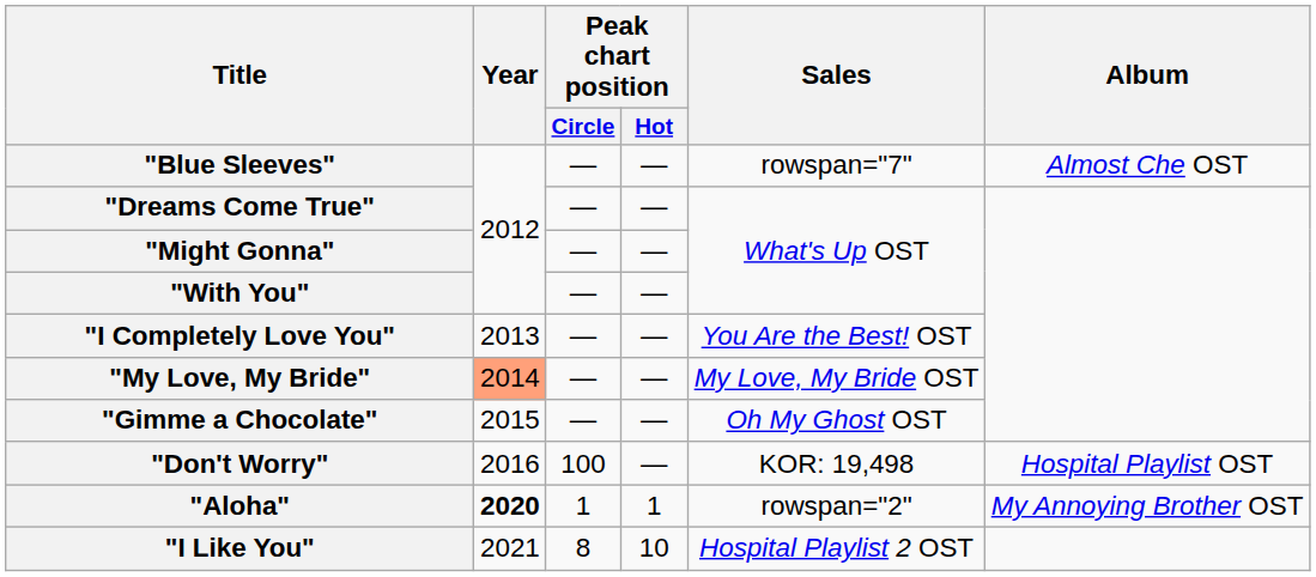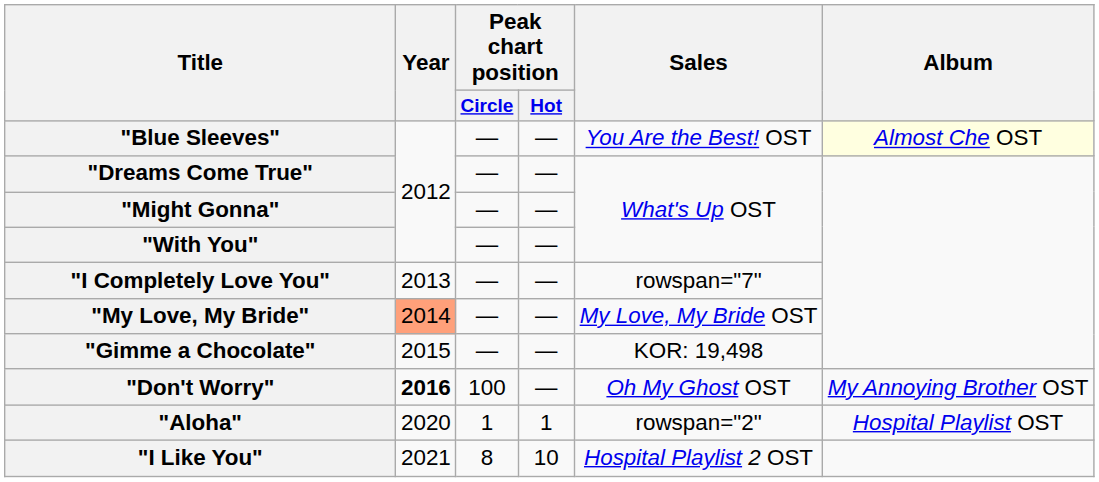 <table class="wikitable plainrowheaders" style="text-align:center">
 <tr>
 <th scope="col" rowspan="2" style="width:17em">Title</th>
 <th scope="col" rowspan="2">Year</th>
 <th scope="col" colspan="2">Peak chart position</th>
 <th scope="col" rowspan="2">Sales</th>
 <th scope="col" rowspan="2">Album</th>
 </tr>
 <tr>
 <th scope="col" style="width:2.5em;font-size:85%"><a href='#'>Circle</a><br></th>
 <th scope="col" style="width:2.5em;font-size:85%"><a href='#'>Hot</a><br></th>
 </tr>
 <tr>
 <th scope="row">"Blue Sleeves"</th>
 <td rowspan="4">2012</td>
 <td>—</td>
 <td>—</td>
-<td>rowspan="7" </td>
-<td><em><a href='#'>Almost Che</a></em> OST</td>
+<td><em><a href='#'>You Are the Best!</a></em> OST</td>
+<td style="background: lightyellow;"><em><a href='#'>Almost Che</a></em> OST</td>
 </tr>
 <tr>
 <th scope="row">"Dreams Come True"</th>
 <td>—</td>
 <td>—</td>
 <td rowspan="3"><em><a href='#'>What's Up</a></em> OST</td>
 </tr>
 <tr>
 <th scope="row">"Might Gonna"</th>
 <td>—</td>
 <td>—</td>
 </tr>
 <tr>
 <th scope="row">"With You"</th>
 <td>—</td>
 <td>—</td>
 </tr>
 <tr>
 <th scope="row">"I Completely Love You"</th>
 <td>2013</td>
 <td>—</td>
 <td>—</td>
-<td><em><a href='#'>You Are the Best!</a></em> OST</td>
+<td>rowspan="7" </td>
 </tr>
 <tr>
 <th scope="row">"My Love, My Bride" </th>
 <td style="background: lightsalmon;">2014</td>
 <td>—</td>
 <td>—</td>
 <td><em><a href='#'>My Love, My Bride</a></em> OST</td>
 </tr>
 <tr>
 <th scope="row">"Gimme a Chocolate"</th>
 <td>2015</td>
 <td>—</td>
 <td>—</td>
-<td><em><a href='#'>Oh My Ghost</a></em> OST</td>
+<td>KOR: 19,498</td>
 </tr>
 <tr>
 <th scope="row">"Don't Worry" </th>
-<td>2016</td>
+<td><strong>2016</strong></td>
 <td>100</td>
 <td>—</td>
-<td>KOR: 19,498</td>
-<td><em><a href='#'>Hospital Playlist</a></em> OST</td>
+<td><em><a href='#'>Oh My Ghost</a></em> OST</td>
+<td><em><a href='#'>My Annoying Brother</a></em> OST</td>
 </tr>
 <tr>
 <th scope="row">"Aloha"</th>
-<td><strong>2020</strong></td>
+<td>2020</td>
 <td>1</td>
 <td>1</td>
 <td>rowspan="2" </td>
-<td><em><a href='#'>My Annoying Brother</a></em> OST</td>
+<td><em><a href='#'>Hospital Playlist</a></em> OST</td>
 </tr>
 <tr>
 <th scope="row">"I Like You"</th>
 <td>2021</td>
 <td>8</td>
 <td>10</td>
 <td><em><a href='#'>Hospital Playlist</a> 2</em> OST</td>
 </tr>
 </table>
